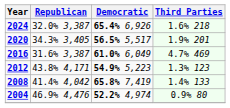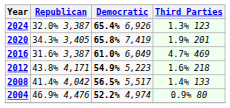 <table class="wikitable" style="float:right; font-size:95%;">
 <tr bgcolor=lightgrey>
 <th>Year</th>
 <th><a href='#'>Republican</a></th>
 <th><a href='#'>Democratic</a></th>
 <th><a href='#'>Third Parties</a></th>
 </tr>
 <tr>
 <td style="text-align:center; "><strong><a href='#'>2024</a></strong></td>
 <td style="text-align:center; ">32.0% <em>3,387</em></td>
 <td style="text-align:center; "><strong>65.4%</strong>  <em>6,926</em></td>
-<td style="text-align:center; background:honeyDew;">1.6% <em>218</em></td>
+<td style="text-align:center; background:honeyDew;">1.3% <em>123</em></td>
 </tr>
 <tr>
 <td style="text-align:center; "><strong><a href='#'>2020</a></strong></td>
 <td style="text-align:center; ">34.3% <em>3,405</em></td>
-<td style="text-align:center; "><strong>56.5%</strong>  <em>5,517</em></td>
+<td style="text-align:center; "><strong>65.8%</strong>  <em>7,419</em></td>
 <td style="text-align:center; background:honeyDew;">1.9% <em>201</em></td>
 </tr>
 <tr>
 <td style="text-align:center; "><strong><a href='#'>2016</a></strong></td>
 <td style="text-align:center; ">31.6% <em>3,387</em></td>
 <td style="text-align:center; "><strong>61.0%</strong>  <em>6,049</em></td>
 <td style="text-align:center; background:honeyDew;">4.7% <em>469</em></td>
 </tr>
 <tr>
 <td style="text-align:center; "><strong><a href='#'>2012</a></strong></td>
 <td style="text-align:center; ">43.8% <em>4,171</em></td>
 <td style="text-align:center; "><strong>54.9%</strong>  <em>5,223</em></td>
-<td style="text-align:center; background:honeyDew;">1.3% <em>123</em></td>
+<td style="text-align:center; background:honeyDew;">1.6% <em>218</em></td>
 </tr>
 <tr>
 <td style="text-align:center; "><strong><a href='#'>2008</a></strong></td>
 <td style="text-align:center; ">41.4% <em>4,042</em></td>
-<td style="text-align:center; "><strong>65.8%</strong>  <em>7,419</em></td>
+<td style="text-align:center; "><strong>56.5%</strong>  <em>5,517</em></td>
 <td style="text-align:center; background:honeyDew;">1.4% <em>133</em></td>
 </tr>
 <tr>
 <td style="text-align:center; "><strong><a href='#'>2004</a></strong></td>
 <td style="text-align:center; ">46.9% <em>4,476</em></td>
 <td style="text-align:center; "><strong>52.2%</strong>  <em>4,974</em></td>
 <td style="text-align:center; background:honeyDew;">0.9% <em>80</em></td>
 </tr>
 <tr>
 </tr>
 </table>
